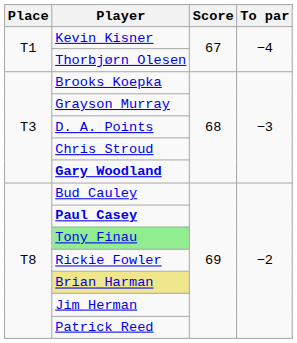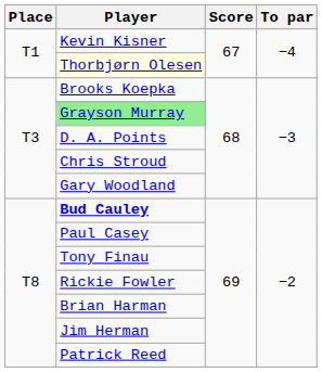 <table class="wikitable">
 <tr>
 <th>Place</th>
 <th>Player</th>
 <th>Score</th>
 <th>To par</th>
 </tr>
 <tr>
 <td rowspan=2 align=center>T1</td>
 <td> <a href='#'>Kevin Kisner</a></td>
 <td rowspan=2 align=center>67</td>
 <td rowspan=2 align=center>−4</td>
 </tr>
 <tr>
-<td> <a href='#'>Thorbjørn Olesen</a></td>
+<td style="background: lightyellow;"> <a href='#'>Thorbjørn Olesen</a></td>
 </tr>
 <tr>
 <td rowspan=5 align=center>T3</td>
 <td> <a href='#'>Brooks Koepka</a></td>
 <td rowspan=5 align=center>68</td>
 <td rowspan=5 align=center>−3</td>
 </tr>
 <tr>
-<td> <a href='#'>Grayson Murray</a></td>
+<td style="background: lightgreen;"> <a href='#'>Grayson Murray</a></td>
 </tr>
 <tr>
 <td> <a href='#'>D. A. Points</a></td>
 </tr>
 <tr>
 <td> <a href='#'>Chris Stroud</a></td>
 </tr>
 <tr>
-<td><strong> <a href='#'>Gary Woodland</a></strong></td>
+<td> <a href='#'>Gary Woodland</a></td>
 </tr>
 <tr>
 <td rowspan=7 align=center>T8</td>
-<td> <a href='#'>Bud Cauley</a></td>
+<td><strong> <a href='#'>Bud Cauley</a></strong></td>
 <td rowspan=7 align=center>69</td>
 <td rowspan=7 align=center>−2</td>
 </tr>
 <tr>
-<td><strong> <a href='#'>Paul Casey</a></strong></td>
+<td> <a href='#'>Paul Casey</a></td>
 </tr>
 <tr>
-<td style="background: lightgreen;"> <a href='#'>Tony Finau</a></td>
+<td> <a href='#'>Tony Finau</a></td>
 </tr>
 <tr>
 <td> <a href='#'>Rickie Fowler</a></td>
 </tr>
 <tr>
-<td style="background: khaki;"> <a href='#'>Brian Harman</a></td>
+<td> <a href='#'>Brian Harman</a></td>
 </tr>
 <tr>
 <td> <a href='#'>Jim Herman</a></td>
 </tr>
 <tr>
 <td> <a href='#'>Patrick Reed</a></td>
 </tr>
 </table>
